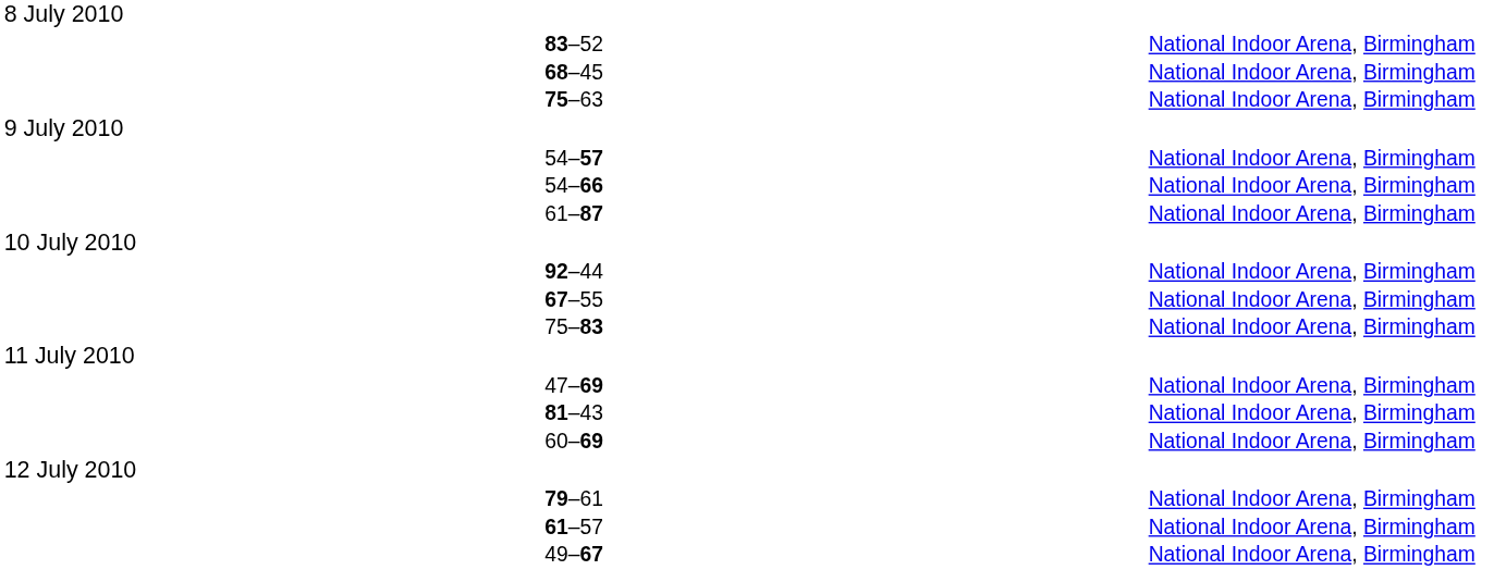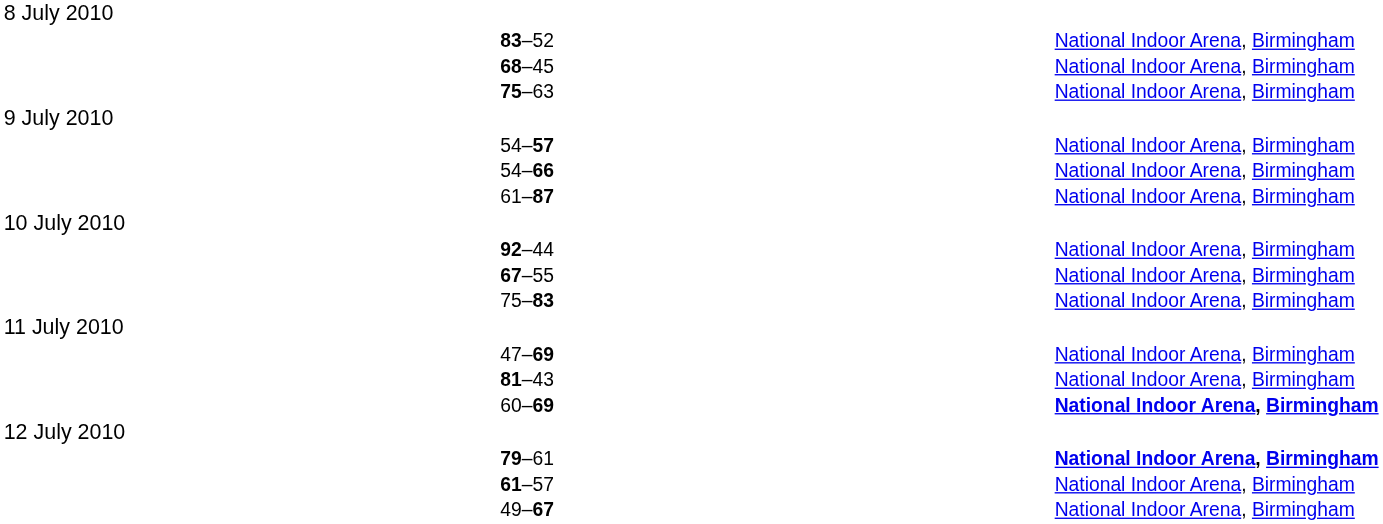 <table width=100% cellspacing=1>
 <tr>
 <th width=25%></th>
 <th width=3%></th>
 <th width=6%></th>
 <th width=3%></th>
 <th width=25%></th>
 </tr>
 <tr>
 <td>8 July 2010</td>
 </tr>
 <tr style=font-size:90%>
 <td align=right><strong></strong></td>
 <td></td>
 <td align=center><strong>83</strong>–52</td>
 <td></td>
 <td></td>
 <td><a href='#'>National Indoor Arena</a>, <a href='#'>Birmingham</a></td>
 </tr>
 <tr style=font-size:90%>
 <td align=right><strong></strong></td>
 <td></td>
 <td align=center><strong>68</strong>–45</td>
 <td></td>
 <td></td>
 <td><a href='#'>National Indoor Arena</a>, <a href='#'>Birmingham</a></td>
 </tr>
 <tr style=font-size:90%>
 <td align=right><strong></strong></td>
 <td></td>
 <td align=center><strong>75</strong>–63</td>
 <td></td>
 <td></td>
 <td><a href='#'>National Indoor Arena</a>, <a href='#'>Birmingham</a></td>
 </tr>
 <tr>
 <td>9 July 2010</td>
 </tr>
 <tr style=font-size:90%>
 <td align=right></td>
 <td></td>
 <td align=center>54–<strong>57</strong></td>
 <td></td>
 <td><strong></strong></td>
 <td><a href='#'>National Indoor Arena</a>, <a href='#'>Birmingham</a></td>
 </tr>
 <tr style=font-size:90%>
 <td align=right></td>
 <td></td>
 <td align=center>54–<strong>66</strong></td>
 <td></td>
 <td><strong></strong></td>
 <td><a href='#'>National Indoor Arena</a>, <a href='#'>Birmingham</a></td>
 </tr>
 <tr style=font-size:90%>
 <td align=right></td>
 <td></td>
 <td align=center>61–<strong>87</strong></td>
 <td></td>
 <td><strong></strong></td>
 <td><a href='#'>National Indoor Arena</a>, <a href='#'>Birmingham</a></td>
 </tr>
 <tr>
 <td>10 July 2010</td>
 </tr>
 <tr style=font-size:90%>
 <td align=right><strong></strong></td>
 <td></td>
 <td align=center><strong>92</strong>–44</td>
 <td></td>
 <td></td>
 <td><a href='#'>National Indoor Arena</a>, <a href='#'>Birmingham</a></td>
 </tr>
 <tr style=font-size:90%>
 <td align=right><strong></strong></td>
 <td></td>
 <td align=center><strong>67</strong>–55</td>
 <td></td>
 <td></td>
 <td><a href='#'>National Indoor Arena</a>, <a href='#'>Birmingham</a></td>
 </tr>
 <tr style=font-size:90%>
 <td align=right></td>
 <td></td>
 <td align=center>75–<strong>83</strong></td>
 <td></td>
 <td><strong></strong></td>
 <td><a href='#'>National Indoor Arena</a>, <a href='#'>Birmingham</a></td>
 </tr>
 <tr>
 <td>11 July 2010</td>
 </tr>
 <tr style=font-size:90%>
 <td align=right></td>
 <td></td>
 <td align=center>47–<strong>69</strong></td>
 <td></td>
 <td><strong></strong></td>
 <td><a href='#'>National Indoor Arena</a>, <a href='#'>Birmingham</a></td>
 </tr>
 <tr style=font-size:90%>
 <td align=right><strong></strong></td>
 <td></td>
 <td align=center><strong>81</strong>–43</td>
 <td></td>
 <td></td>
 <td><a href='#'>National Indoor Arena</a>, <a href='#'>Birmingham</a></td>
 </tr>
 <tr style=font-size:90%>
 <td align=right></td>
 <td></td>
 <td align=center>60–<strong>69</strong></td>
 <td></td>
 <td><strong></strong></td>
-<td><a href='#'>National Indoor Arena</a>, <a href='#'>Birmingham</a></td>
+<td><strong><a href='#'>National Indoor Arena</a>, <a href='#'>Birmingham</a></strong></td>
 </tr>
 <tr>
 <td>12 July 2010</td>
 </tr>
 <tr style=font-size:90%>
 <td align=right><strong></strong></td>
 <td></td>
 <td align=center><strong>79</strong>–61</td>
 <td></td>
 <td></td>
-<td><a href='#'>National Indoor Arena</a>, <a href='#'>Birmingham</a></td>
+<td><strong><a href='#'>National Indoor Arena</a>, <a href='#'>Birmingham</a></strong></td>
 </tr>
 <tr style=font-size:90%>
 <td align=right><strong></strong></td>
 <td></td>
 <td align=center><strong>61</strong>–57</td>
 <td></td>
 <td></td>
 <td><a href='#'>National Indoor Arena</a>, <a href='#'>Birmingham</a></td>
 </tr>
 <tr style=font-size:90%>
 <td align=right></td>
 <td></td>
 <td align=center>49–<strong>67</strong></td>
 <td></td>
 <td><strong></strong></td>
 <td><a href='#'>National Indoor Arena</a>, <a href='#'>Birmingham</a></td>
 </tr>
 </table>
